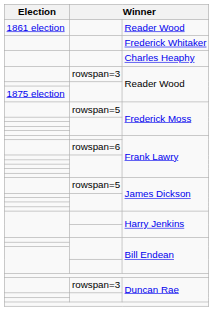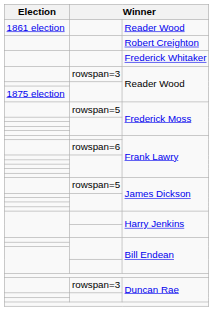 <table class=wikitable>
 <tr>
 <th width=100>Election</th>
 <th width=175 colspan=2>Winner</th>
 </tr>
 <tr>
 <td><a href='#'>1861 election</a></td>
 <td></td>
 <td><a href='#'>Reader Wood</a></td>
 </tr>
 <tr>
 <td></td>
 <td></td>
-<td><a href='#'>Frederick Whitaker</a></td>
+<td><a href='#'>Robert Creighton</a></td>
 </tr>
 <tr>
 <td></td>
 <td></td>
-<td><a href='#'>Charles Heaphy</a></td>
+<td><a href='#'>Frederick Whitaker</a></td>
 </tr>
 <tr>
 <td></td>
 <td>rowspan=3 </td>
 <td rowspan=3>Reader Wood</td>
 </tr>
 <tr>
 <td></td>
 </tr>
 <tr>
 <td><a href='#'>1875 election</a></td>
 </tr>
 <tr>
 <td></td>
 <td>rowspan=5 </td>
 <td rowspan=5><a href='#'>Frederick Moss</a></td>
 </tr>
 <tr>
 <td></td>
 </tr>
 <tr>
 <td></td>
 </tr>
 <tr>
 <td></td>
 </tr>
 <tr>
 <td></td>
 </tr>
 <tr>
 <td></td>
 <td></td>
 <td rowspan=7><a href='#'>Frank Lawry</a></td>
 </tr>
 <tr>
 <td></td>
 <td>rowspan=6 </td>
 </tr>
 <tr>
 <td></td>
 </tr>
 <tr>
 <td></td>
 </tr>
 <tr>
 <td></td>
 </tr>
 <tr>
 <td></td>
 </tr>
 <tr>
 <td></td>
 </tr>
 <tr>
 <td></td>
 <td>rowspan=5 </td>
 <td rowspan=5><a href='#'>James Dickson</a></td>
 </tr>
 <tr>
 <td></td>
 </tr>
 <tr>
 <td></td>
 </tr>
 <tr>
 <td></td>
 </tr>
 <tr>
 <td></td>
 </tr>
 <tr>
 <td rowspan=2 height=36></td>
 <td></td>
 <td rowspan=2><a href='#'>Harry Jenkins</a></td>
 </tr>
 <tr>
 <td></td>
 </tr>
 <tr>
 <td></td>
 <td rowspan=2 style="border-bottom:solid 0 grey; background:"></td>
 <td rowspan = 4><a href='#'>Bill Endean</a></td>
 </tr>
 <tr>
 <td></td>
 </tr>
 <tr>
 <td rowspan = 2 height=36></td>
 <td style="border-top:solid 0 grey; background:"></td>
 </tr>
 <tr>
 <td></td>
 </tr>
 <tr>
 <td colspan=3 align=center></td>
 </tr>
 <tr>
 <td></td>
 <td>rowspan=3 </td>
 <td rowspan=3><a href='#'>Duncan Rae</a></td>
 </tr>
 <tr>
 <td></td>
 </tr>
 <tr>
 <td></td>
 </tr>
 <tr>
 <td colspan=3 align=center></td>
 </tr>
 </table>
